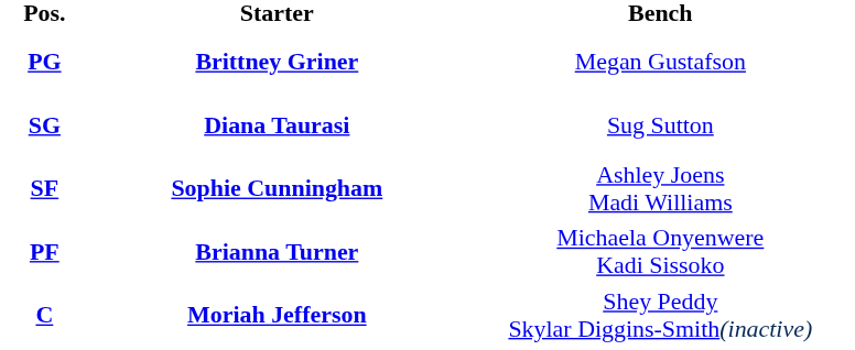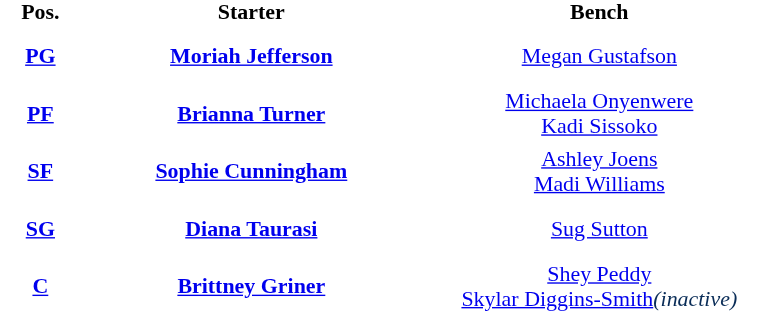 <table style="text-align:center; ">
 <tr>
 <th width="50">Pos.</th>
 <th width="250">Starter</th>
 <th width="250">Bench</th>
 </tr>
 <tr style="height:40px; background:white; color:#092C57">
 <th><a href='#'><span>PG</span></a></th>
-<td><strong><a href='#'>Brittney Griner</a></strong></td>
+<td><strong><a href='#'>Moriah Jefferson</a></strong></td>
 <td><a href='#'>Megan Gustafson</a></td>
+</tr>
+<tr style="height:40px; background:white; color:#092C57">
+<th><a href='#'><span>PF</span></a></th>
+<td><strong><a href='#'>Brianna Turner</a></strong></td>
+<td><a href='#'>Michaela Onyenwere</a><br><a href='#'>Kadi Sissoko</a></td>
+</tr>
+<tr style="height:40px; background:white; color:#092C57">
+<th><a href='#'><span>SF</span></a></th>
+<td><strong><a href='#'>Sophie Cunningham</a></strong></td>
+<td><a href='#'>Ashley Joens</a><br><a href='#'>Madi Williams</a></td>
 </tr>
 <tr style="height:40px; background:white; color:#092C57">
 <th><a href='#'><span>SG</span></a></th>
 <td><strong><a href='#'>Diana Taurasi</a></strong></td>
 <td><a href='#'>Sug Sutton</a></td>
 </tr>
 <tr style="height:40px; background:white; color:#092C57">
-<th><a href='#'><span>SF</span></a></th>
-<td><strong><a href='#'>Sophie Cunningham</a></strong></td>
-<td><a href='#'>Ashley Joens</a><br><a href='#'>Madi Williams</a></td>
-</tr>
-<tr style="height:40px; background:white; color:#092C57">
-<th><a href='#'><span>PF</span></a></th>
-<td><strong><a href='#'>Brianna Turner</a></strong></td>
-<td><a href='#'>Michaela Onyenwere</a><br><a href='#'>Kadi Sissoko</a></td>
-</tr>
-<tr style="height:40px; background:white; color:#092C57">
 <th><a href='#'><span>C</span></a></th>
-<td><strong><a href='#'>Moriah Jefferson</a></strong></td>
+<td><strong><a href='#'>Brittney Griner</a></strong></td>
 <td><a href='#'>Shey Peddy</a><br><a href='#'>Skylar Diggins-Smith</a><em>(inactive)</em></td>
 </tr>
 </table>
